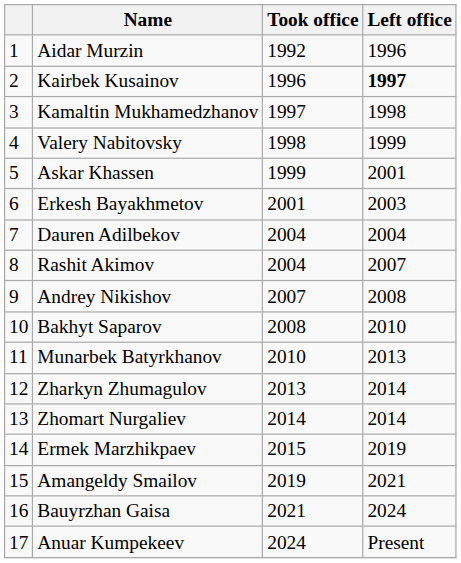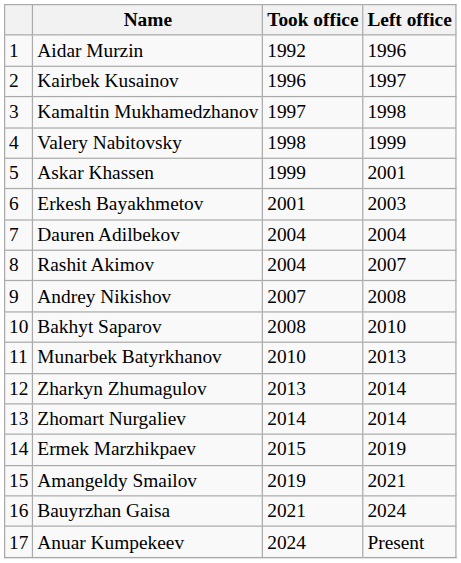 <table class="wikitable">
 <tr>
 <th></th>
 <th>Name</th>
 <th>Took office</th>
 <th>Left office</th>
 </tr>
 <tr>
 <td>1</td>
 <td>Aidar Murzin</td>
 <td>1992</td>
 <td>1996</td>
 </tr>
 <tr>
 <td>2</td>
 <td>Kairbek Kusainov</td>
 <td>1996</td>
-<td><strong>1997</strong></td>
+<td>1997</td>
 </tr>
 <tr>
 <td>3</td>
 <td>Kamaltin Mukhamedzhanov</td>
 <td>1997</td>
 <td>1998</td>
 </tr>
 <tr>
 <td>4</td>
 <td>Valery Nabitovsky</td>
 <td>1998</td>
 <td>1999</td>
 </tr>
 <tr>
 <td>5</td>
 <td>Askar Khassen</td>
 <td>1999</td>
 <td>2001</td>
 </tr>
 <tr>
 <td>6</td>
 <td>Erkesh Bayakhmetov</td>
 <td>2001</td>
 <td>2003</td>
 </tr>
 <tr>
 <td>7</td>
 <td>Dauren Adilbekov</td>
 <td>2004</td>
 <td>2004</td>
 </tr>
 <tr>
 <td>8</td>
 <td>Rashit Akimov</td>
 <td>2004</td>
 <td>2007</td>
 </tr>
 <tr>
 <td>9</td>
 <td>Andrey Nikishov</td>
 <td>2007</td>
 <td>2008</td>
 </tr>
 <tr>
 <td>10</td>
 <td>Bakhyt Saparov</td>
 <td>2008</td>
 <td>2010</td>
 </tr>
 <tr>
 <td>11</td>
 <td>Munarbek Batyrkhanov</td>
 <td>2010</td>
 <td>2013</td>
 </tr>
 <tr>
 <td>12</td>
 <td>Zharkyn Zhumagulov</td>
 <td>2013</td>
 <td>2014</td>
 </tr>
 <tr>
 <td>13</td>
 <td>Zhomart Nurgaliev</td>
 <td>2014</td>
 <td>2014</td>
 </tr>
 <tr>
 <td>14</td>
 <td>Ermek Marzhikpaev</td>
 <td>2015</td>
 <td>2019</td>
 </tr>
 <tr>
 <td>15</td>
 <td>Amangeldy Smailov</td>
 <td>2019</td>
 <td>2021</td>
 </tr>
 <tr>
 <td>16</td>
 <td>Bauyrzhan Gaisa</td>
 <td>2021</td>
 <td>2024</td>
 </tr>
 <tr>
 <td>17</td>
 <td>Anuar Kumpekeev</td>
 <td>2024</td>
 <td>Present</td>
 </tr>
 <tr>
 </tr>
 </table>
